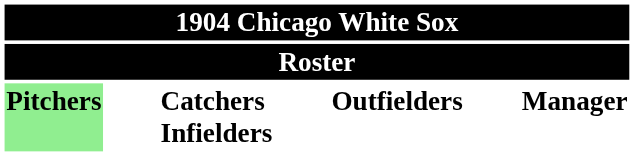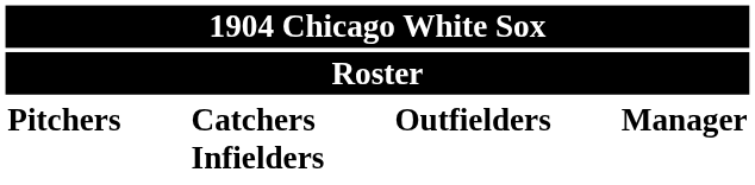 <table class="toccolours" style="font-size: 95%;">
 <tr>
 <th colspan="10" style="background-color: black; color: #FFFFFF; text-align: center;">1904 Chicago White Sox</th>
 </tr>
 <tr>
 <td colspan="10" style="background-color: black; color: white; text-align: center;"><strong>Roster</strong></td>
 </tr>
 <tr>
-<td valign="top" style="background: lightgreen;"><strong>Pitchers</strong><br>        </td>
+<td valign="top"><strong>Pitchers</strong><br>        </td>
 <td width="25px"></td>
 <td valign="top"><strong>Catchers</strong><br>    <strong>Infielders</strong>     </td>
 <td width="25px"></td>
 <td valign="top"><strong>Outfielders</strong><br>     </td>
 <td width="25px"></td>
 <td valign="top"><strong>Manager</strong><br> </td>
 </tr>
 </table>
